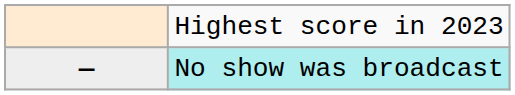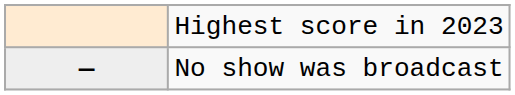 <table class="wikitable">
 <tr>
 <th width="75px" style="background:#FFEBD2; text-align:center" scope="row"></th>
 <td>Highest score in 2023</td>
 </tr>
 <tr>
 <th width="75px" style="background:#eee; text-align:center" scope="row">—</th>
-<td style="background: paleturquoise;">No show was broadcast</td>
+<td>No show was broadcast</td>
 </tr>
 </table>
